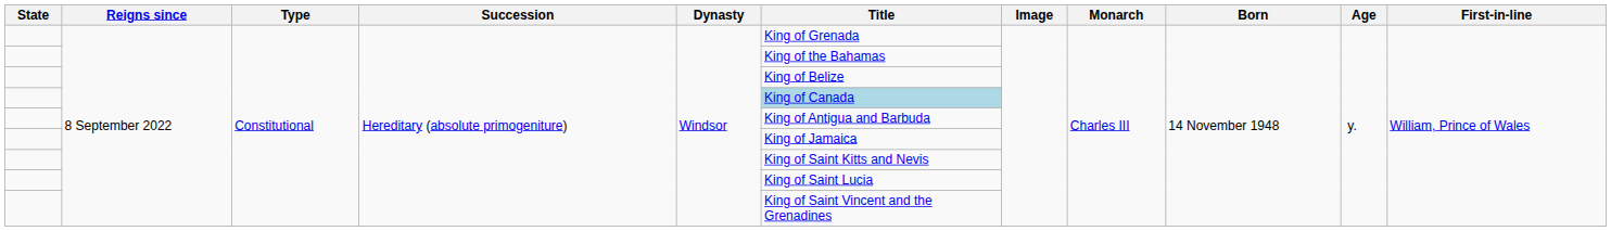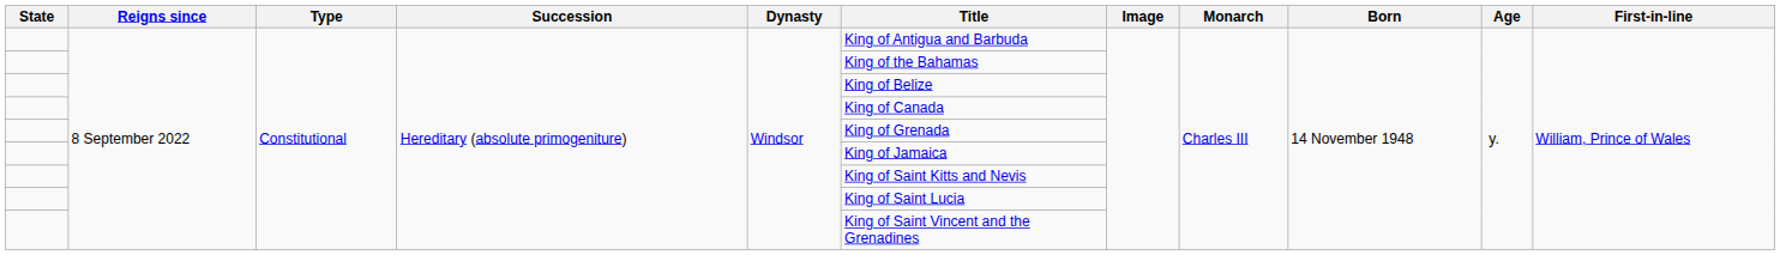 <table class="wikitable">
 <tr>
 <th>State</th>
 <th><a href='#'>Reigns since</a></th>
 <th>Type</th>
 <th>Succession</th>
 <th>Dynasty</th>
 <th style="width:15%">Title</th>
 <th>Image</th>
 <th>Monarch</th>
 <th>Born</th>
 <th>Age</th>
 <th>First-in-line</th>
 </tr>
 <tr>
 <td></td>
 <td rowspan="9">8 September 2022</td>
 <td rowspan="9"><a href='#'>Constitutional</a></td>
 <td rowspan="9"><a href='#'>Hereditary</a> (<a href='#'>absolute primogeniture</a>)</td>
 <td rowspan="9"><a href='#'>Windsor</a></td>
-<td><a href='#'>King of Grenada</a></td>
+<td><a href='#'>King of Antigua and Barbuda</a></td>
 <td rowspan="9"></td>
 <td rowspan="9"><a href='#'>Charles III</a></td>
 <td rowspan="9">14 November 1948</td>
 <td rowspan="9"> y.</td>
 <td rowspan="9"><a href='#'>William, Prince of Wales</a></td>
 </tr>
 <tr>
 <td></td>
 <td><a href='#'>King of the Bahamas</a></td>
 </tr>
 <tr>
 <td></td>
 <td><a href='#'>King of Belize</a></td>
 </tr>
 <tr>
 <td></td>
-<td style="background: lightblue;"><a href='#'>King of Canada</a></td>
+<td><a href='#'>King of Canada</a></td>
 </tr>
 <tr>
 <td></td>
-<td><a href='#'>King of Antigua and Barbuda</a></td>
+<td><a href='#'>King of Grenada</a></td>
 </tr>
 <tr>
 <td></td>
 <td><a href='#'>King of Jamaica</a></td>
 </tr>
 <tr>
 <td></td>
 <td><a href='#'>King of Saint Kitts and Nevis</a></td>
 </tr>
 <tr>
 <td></td>
 <td><a href='#'>King of Saint Lucia</a></td>
 </tr>
 <tr>
 <td></td>
 <td><a href='#'>King of Saint Vincent and the Grenadines</a></td>
 </tr>
 </table>
